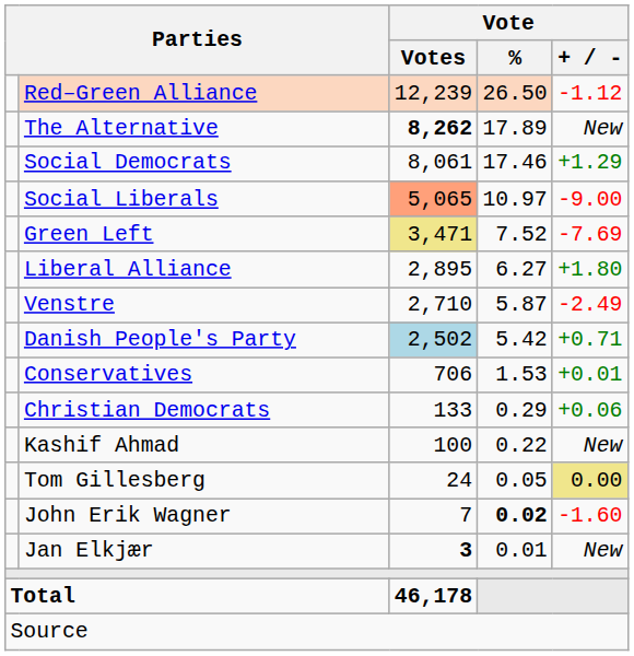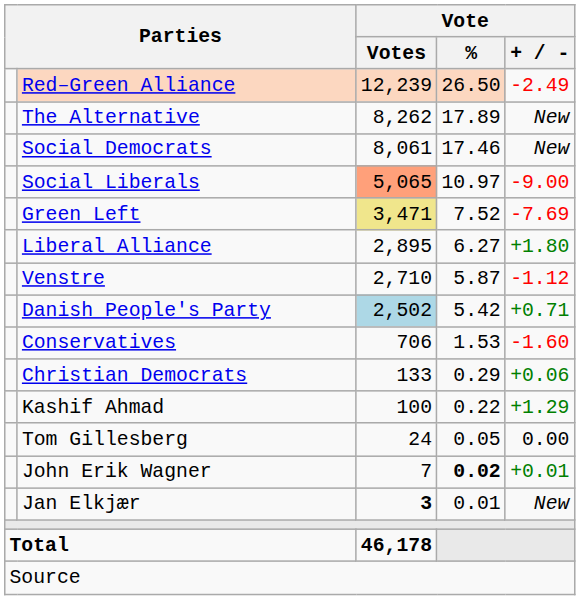 <table class="wikitable" style="text-align:right;">
 <tr>
 <th style="text-align:centre;" rowspan="2" colspan="2" width="225">Parties</th>
 <th colspan="3">Vote</th>
 </tr>
 <tr>
 <th width="15">Votes</th>
 <th width="15">%</th>
 <th width="15">+ / -</th>
 </tr>
 <tr>
 <td width="2" style="color:inherit;background:"></td>
 <td bgcolor=#fcd7c0  align="left"><a href='#'>Red–Green Alliance</a></td>
 <td bgcolor=#fcd7c0>12,239</td>
 <td bgcolor=#fcd7c0>26.50</td>
-<td style=color:red;>-1.12</td>
+<td style=color:red;>-2.49</td>
 </tr>
 <tr>
 <td width="2" style="color:inherit;background:"></td>
 <td align="left"><a href='#'>The Alternative</a></td>
-<td><strong>8,262</strong></td>
+<td>8,262</td>
 <td>17.89</td>
 <td><em>New</em></td>
 </tr>
 <tr>
 <td width="2" style="color:inherit;background:"></td>
 <td align="left"><a href='#'>Social Democrats</a></td>
 <td>8,061</td>
 <td>17.46</td>
-<td style=color:green;>+1.29</td>
+<td><em>New</em></td>
 </tr>
 <tr>
 <td width="2" style="color:inherit;background:"></td>
 <td align="left"><a href='#'>Social Liberals</a></td>
 <td style="background: lightsalmon;">5,065</td>
 <td>10.97</td>
 <td style=color:red;>-9.00</td>
 </tr>
 <tr>
 <td width="2" style="color:inherit;background:"></td>
 <td align="left"><a href='#'>Green Left</a></td>
 <td style="background: khaki;">3,471</td>
 <td>7.52</td>
 <td style=color:red;>-7.69</td>
 </tr>
 <tr>
 <td width="2" style="color:inherit;background:"></td>
 <td align="left"><a href='#'>Liberal Alliance</a></td>
 <td>2,895</td>
 <td>6.27</td>
 <td style=color:green;>+1.80</td>
 </tr>
 <tr>
 <td width="2" style="color:inherit;background:"></td>
 <td align="left"><a href='#'>Venstre</a></td>
 <td>2,710</td>
 <td>5.87</td>
-<td style=color:red;>-2.49</td>
+<td style=color:red;>-1.12</td>
 </tr>
 <tr>
 <td width="2" style="color:inherit;background:"></td>
 <td align="left"><a href='#'>Danish People's Party</a></td>
 <td style="background: lightblue;">2,502</td>
 <td>5.42</td>
 <td style=color:green;>+0.71</td>
 </tr>
 <tr>
 <td width="2" style="color:inherit;background:"></td>
 <td align="left"><a href='#'>Conservatives</a></td>
 <td>706</td>
 <td>1.53</td>
-<td style=color:green;>+0.01</td>
+<td style=color:red;>-1.60</td>
 </tr>
 <tr>
 <td width="2" style="color:inherit;background:"></td>
 <td align="left"><a href='#'>Christian Democrats</a></td>
 <td>133</td>
 <td>0.29</td>
 <td style=color:green;>+0.06</td>
 </tr>
 <tr>
 <td width="2" style="color:inherit;background:"></td>
 <td align="left">Kashif Ahmad</td>
 <td>100</td>
 <td>0.22</td>
-<td><em>New</em></td>
+<td style=color:green;>+1.29</td>
 </tr>
 <tr>
 <td width="2" style="color:inherit;background:"></td>
 <td align="left">Tom Gillesberg</td>
 <td>24</td>
 <td>0.05</td>
-<td style="background: khaki;">0.00</td>
+<td>0.00</td>
 </tr>
 <tr>
 <td width="2" style="color:inherit;background:"></td>
 <td align="left">John Erik Wagner</td>
 <td>7</td>
 <td><strong>0.02</strong></td>
-<td style=color:red;>-1.60</td>
+<td style=color:green;>+0.01</td>
 </tr>
 <tr>
 <td width="2" style="color:inherit;background:"></td>
 <td align="left">Jan Elkjær</td>
 <td><strong>3</strong></td>
 <td>0.01</td>
 <td><em>New</em></td>
 </tr>
 <tr>
 <td colspan="7" bgcolor="#E9E9E9"></td>
 </tr>
 <tr>
 <td align="left" colspan="2"><strong>Total</strong></td>
 <td><strong>46,178</strong></td>
 <td bgcolor="#E9E9E9" colspan="2"></td>
 </tr>
 <tr>
 <td align="left" colspan="6">Source</td>
 </tr>
 </table>
